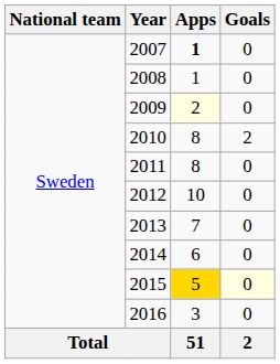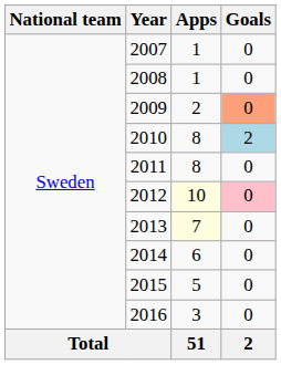 <table class="wikitable" style="text-align:center">
 <tr>
 <th>National team</th>
 <th>Year</th>
 <th>Apps</th>
 <th>Goals</th>
 </tr>
 <tr>
 <td rowspan="10"><a href='#'>Sweden</a></td>
 <td>2007</td>
-<td><strong>1</strong></td>
+<td>1</td>
 <td>0</td>
 </tr>
 <tr>
 <td>2008</td>
 <td>1</td>
 <td>0</td>
 </tr>
 <tr>
 <td>2009</td>
-<td style="background: lightyellow;">2</td>
-<td>0</td>
+<td>2</td>
+<td style="background: lightsalmon;">0</td>
 </tr>
 <tr>
 <td>2010</td>
 <td>8</td>
-<td>2</td>
+<td style="background: lightblue;">2</td>
 </tr>
 <tr>
 <td>2011</td>
 <td>8</td>
 <td>0</td>
 </tr>
 <tr>
 <td>2012</td>
-<td>10</td>
-<td>0</td>
+<td style="background: lightyellow;">10</td>
+<td style="background: pink;">0</td>
 </tr>
 <tr>
 <td>2013</td>
-<td>7</td>
+<td style="background: lightyellow;">7</td>
 <td>0</td>
 </tr>
 <tr>
 <td>2014</td>
 <td>6</td>
 <td>0</td>
 </tr>
 <tr>
 <td>2015</td>
-<td style="background: gold;">5</td>
-<td style="background: lightyellow;">0</td>
+<td>5</td>
+<td>0</td>
 </tr>
 <tr>
 <td>2016</td>
 <td>3</td>
 <td>0</td>
 </tr>
 <tr>
 <th colspan="2">Total</th>
 <th>51</th>
 <th>2</th>
 </tr>
 </table>
